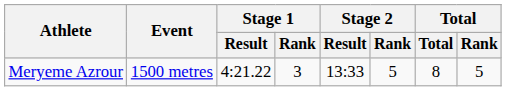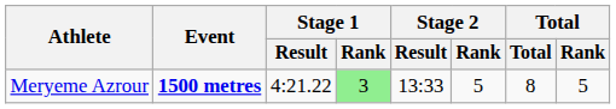 <table class="wikitable" style="font-size:90%">
 <tr>
 <th rowspan=2>Athlete</th>
 <th rowspan=2>Event</th>
 <th colspan=2>Stage 1</th>
 <th colspan=2>Stage 2</th>
 <th colspan=2>Total</th>
 </tr>
 <tr style="font-size:95%">
 <th>Result</th>
 <th>Rank</th>
 <th>Result</th>
 <th>Rank</th>
 <th>Total</th>
 <th>Rank</th>
 </tr>
 <tr align=center>
 <td align=left><a href='#'>Meryeme Azrour</a></td>
-<td align=left><a href='#'>1500 metres</a></td>
+<td align=left><strong><a href='#'>1500 metres</a></strong></td>
 <td>4:21.22</td>
-<td>3</td>
+<td style="background: lightgreen;">3</td>
 <td>13:33</td>
 <td>5</td>
 <td>8</td>
 <td>5</td>
 </tr>
 </table>
